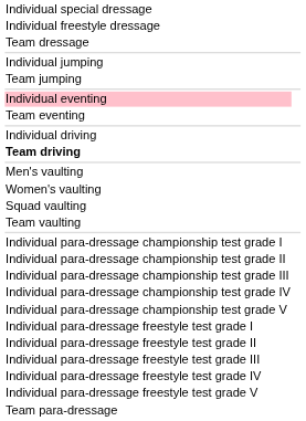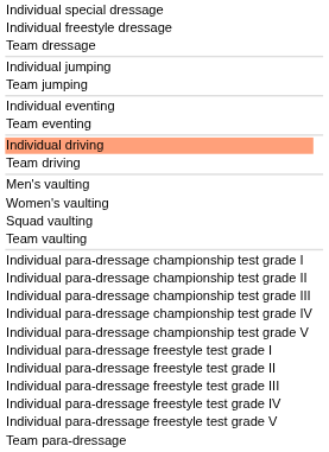 <table>
 <tr>
 <td>Individual special dressage<br></td>
 <td></td>
 <td></td>
 <td></td>
 </tr>
 <tr>
 <td>Individual freestyle dressage<br></td>
 <td></td>
 <td></td>
 <td></td>
 </tr>
 <tr>
 <td>Team dressage<br></td>
 <td></td>
 <td></td>
 <td></td>
 </tr>
 <tr bgcolor=#DDDDDD>
 <td colspan=7></td>
 </tr>
 <tr>
 <td>Individual jumping<br></td>
 <td></td>
 <td></td>
 <td></td>
 </tr>
 <tr>
 <td>Team jumping<br></td>
 <td></td>
 <td></td>
 <td></td>
 </tr>
 <tr bgcolor=#DDDDDD>
 <td colspan=7></td>
 </tr>
 <tr>
-<td style="background: pink;">Individual eventing<br></td>
+<td>Individual eventing<br></td>
 <td></td>
 <td></td>
 <td></td>
 </tr>
 <tr>
 <td>Team eventing<br></td>
 <td></td>
 <td></td>
 <td></td>
 </tr>
 <tr bgcolor=#DDDDDD>
 <td colspan=7></td>
 </tr>
 <tr>
-<td>Individual driving<br></td>
+<td style="background: lightsalmon;">Individual driving<br></td>
 <td></td>
 <td></td>
 <td></td>
 </tr>
 <tr>
-<td><strong>Team driving<br></strong></td>
+<td>Team driving<br></td>
 <td></td>
 <td></td>
 <td></td>
 </tr>
 <tr bgcolor=#DDDDDD>
 <td colspan=7></td>
 </tr>
 <tr>
 <td>Men's vaulting<br></td>
 <td></td>
 <td></td>
 <td></td>
 </tr>
 <tr>
 <td>Women's vaulting<br></td>
 <td></td>
 <td></td>
 <td></td>
 </tr>
 <tr>
 <td>Squad vaulting<br></td>
 <td></td>
 <td></td>
 <td></td>
 </tr>
 <tr>
 <td>Team vaulting<br></td>
 <td></td>
 <td></td>
 <td></td>
 </tr>
 <tr bgcolor=#DDDDDD>
 <td colspan=7></td>
 </tr>
 <tr>
 <td>Individual para-dressage championship test grade I<br></td>
 <td></td>
 <td></td>
 <td></td>
 </tr>
 <tr>
 <td>Individual para-dressage championship test grade II<br></td>
 <td></td>
 <td></td>
 <td></td>
 </tr>
 <tr>
 <td>Individual para-dressage championship test grade III<br></td>
 <td></td>
 <td></td>
 <td></td>
 </tr>
 <tr>
 <td>Individual para-dressage championship test grade IV<br></td>
 <td></td>
 <td></td>
 <td></td>
 </tr>
 <tr>
 <td>Individual para-dressage championship test grade V<br></td>
 <td></td>
 <td></td>
 <td></td>
 </tr>
 <tr>
 <td>Individual para-dressage freestyle test grade I<br></td>
 <td></td>
 <td></td>
 <td></td>
 </tr>
 <tr>
 <td>Individual para-dressage freestyle test grade II<br></td>
 <td></td>
 <td></td>
 <td></td>
 </tr>
 <tr>
 <td>Individual para-dressage freestyle test grade III<br></td>
 <td></td>
 <td></td>
 <td></td>
 </tr>
 <tr>
 <td>Individual para-dressage freestyle test grade IV<br></td>
 <td></td>
 <td></td>
 <td></td>
 </tr>
 <tr>
 <td>Individual para-dressage freestyle test grade V<br></td>
 <td></td>
 <td></td>
 <td></td>
 </tr>
 <tr>
 <td>Team para-dressage<br></td>
 <td></td>
 <td></td>
 <td></td>
 </tr>
 </table>
